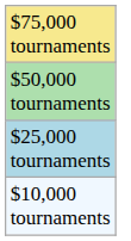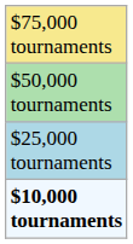 <table class="wikitable" style="font-size:85%;" width=12%>
 <tr style="background:#f7e98e;">
 <td>$75,000 tournaments</td>
 </tr>
 <tr style="background:#addfad;">
 <td>$50,000 tournaments</td>
 </tr>
 <tr style="background:lightblue;">
 <td>$25,000 tournaments</td>
 </tr>
 <tr style="background:#f0f8ff;">
-<td>$10,000 tournaments</td>
+<td><strong>$10,000 tournaments</strong></td>
 </tr>
 </table>
